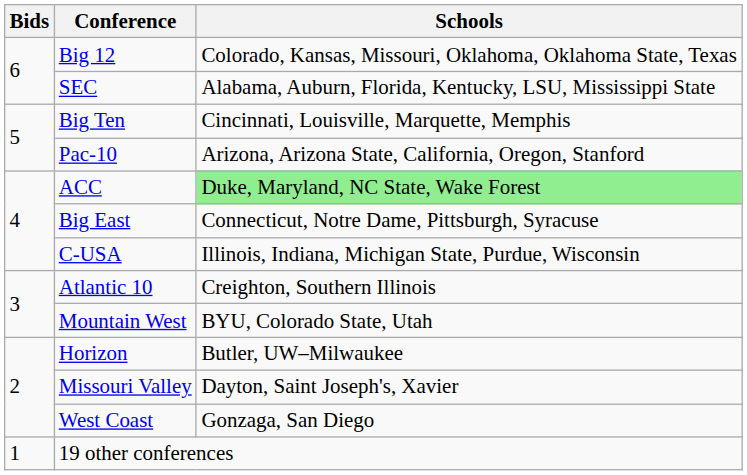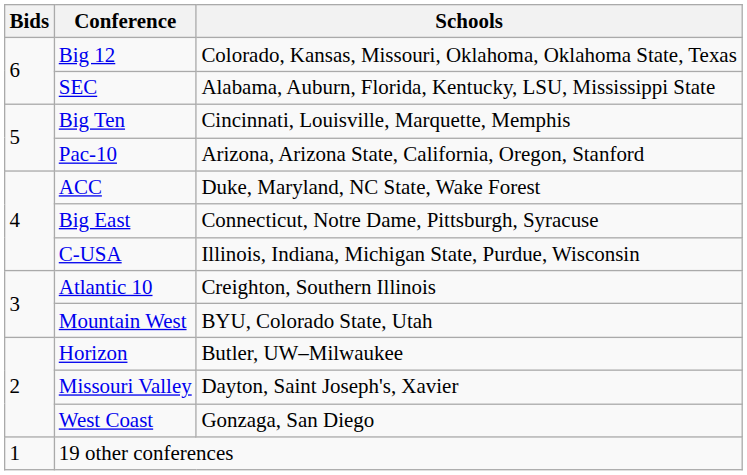 <table class="wikitable">
 <tr>
 <th>Bids</th>
 <th>Conference</th>
 <th>Schools</th>
 </tr>
 <tr>
 <td rowspan="2">6</td>
 <td><a href='#'>Big 12</a></td>
 <td>Colorado, Kansas, Missouri, Oklahoma, Oklahoma State, Texas</td>
 </tr>
 <tr>
 <td><a href='#'>SEC</a></td>
 <td>Alabama, Auburn, Florida, Kentucky, LSU, Mississippi State</td>
 </tr>
 <tr>
 <td rowspan="2">5</td>
 <td><a href='#'>Big Ten</a></td>
 <td>Cincinnati, Louisville, Marquette, Memphis</td>
 </tr>
 <tr>
 <td><a href='#'>Pac-10</a></td>
 <td>Arizona, Arizona State, California, Oregon, Stanford</td>
 </tr>
 <tr>
 <td rowspan="3">4</td>
 <td><a href='#'>ACC</a></td>
-<td style="background: lightgreen;">Duke, Maryland, NC State, Wake Forest</td>
+<td>Duke, Maryland, NC State, Wake Forest</td>
 </tr>
 <tr>
 <td><a href='#'>Big East</a></td>
 <td>Connecticut, Notre Dame, Pittsburgh, Syracuse</td>
 </tr>
 <tr>
 <td><a href='#'>C-USA</a></td>
 <td>Illinois, Indiana, Michigan State, Purdue, Wisconsin</td>
 </tr>
 <tr>
 <td rowspan="2">3</td>
 <td><a href='#'>Atlantic 10</a></td>
 <td>Creighton, Southern Illinois</td>
 </tr>
 <tr>
 <td><a href='#'>Mountain West</a></td>
 <td>BYU, Colorado State, Utah</td>
 </tr>
 <tr>
 <td rowspan="3">2</td>
 <td><a href='#'>Horizon</a></td>
 <td>Butler, UW–Milwaukee</td>
 </tr>
 <tr>
 <td><a href='#'>Missouri Valley</a></td>
 <td>Dayton, Saint Joseph's, Xavier</td>
 </tr>
 <tr>
 <td><a href='#'>West Coast</a></td>
 <td>Gonzaga, San Diego</td>
 </tr>
 <tr>
 <td>1</td>
 <td colspan="2">19 other conferences</td>
 </tr>
 </table>
